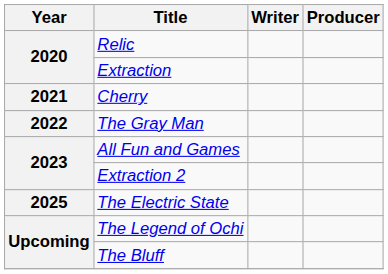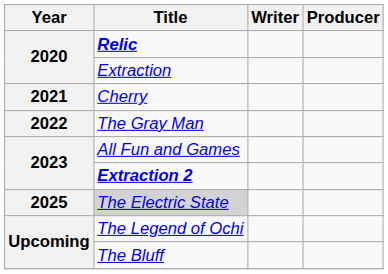 <table class = "wikitable">
 <tr>
 <th scope=col>Year</th>
 <th scope=col>Title</th>
 <th scope=col>Writer</th>
 <th scope=col>Producer</th>
 </tr>
 <tr>
 <th scope=rowgroup rowspan=2>2020</th>
-<td><em><a href='#'>Relic</a></em></td>
+<td><strong><em><a href='#'>Relic</a></em></strong></td>
 <td></td>
 <td></td>
 </tr>
 <tr>
 <td><em><a href='#'>Extraction</a></em></td>
 <td></td>
 <td></td>
 </tr>
 <tr>
 <th scope=row>2021</th>
 <td><em><a href='#'>Cherry</a></em></td>
 <td></td>
 <td></td>
 </tr>
 <tr>
 <th scope=row>2022</th>
 <td><em><a href='#'>The Gray Man</a></em></td>
 <td></td>
 <td></td>
 </tr>
 <tr>
 <th scope=rowgroup rowspan=2>2023</th>
 <td><em><a href='#'>All Fun and Games</a></em></td>
 <td></td>
 <td></td>
 </tr>
 <tr>
-<td><em><a href='#'>Extraction 2</a></em></td>
+<td><strong><em><a href='#'>Extraction 2</a></em></strong></td>
 <td></td>
 <td></td>
 </tr>
 <tr>
 <th scope=row>2025</th>
-<td><em><a href='#'>The Electric State</a></em></td>
+<td style="background: lightgrey;"><em><a href='#'>The Electric State</a></em></td>
 <td></td>
 <td></td>
 </tr>
 <tr>
 <th scope=rowgroup rowspan=2>Upcoming</th>
 <td><em><a href='#'>The Legend of Ochi</a></em></td>
 <td></td>
 <td></td>
 </tr>
 <tr>
 <td><em><a href='#'>The Bluff</a></em></td>
 <td></td>
 <td></td>
 </tr>
 <tr>
 </tr>
 </table>
